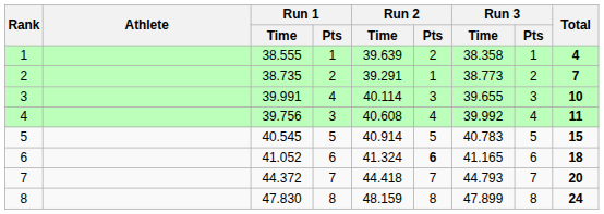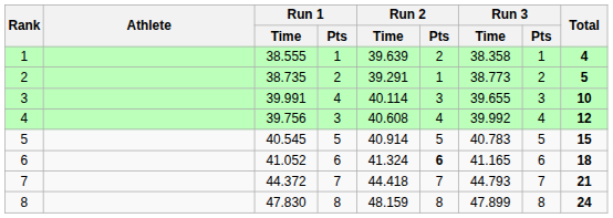 <table class=wikitable style="text-align:center">
 <tr>
 <th rowspan="2" width=40>Rank</th>
 <th rowspan="2" width=250>Athlete</th>
 <th colspan="2">Run 1</th>
 <th colspan="2">Run 2</th>
 <th colspan="2">Run 3</th>
 <th rowspan="2" width=50>Total</th>
 </tr>
 <tr>
 <th width=70>Time</th>
 <th width=40>Pts</th>
 <th width=70>Time</th>
 <th width=40>Pts</th>
 <th width=70>Time</th>
 <th width=40>Pts</th>
 </tr>
 <tr bgcolor=bbffbb>
 <td>1</td>
 <td align=left></td>
 <td>38.555</td>
 <td>1</td>
 <td>39.639</td>
 <td>2</td>
 <td>38.358</td>
 <td>1</td>
 <td><strong>4</strong></td>
 </tr>
 <tr bgcolor=bbffbb>
 <td>2</td>
 <td align=left></td>
 <td>38.735</td>
 <td>2</td>
 <td>39.291</td>
 <td>1</td>
 <td>38.773</td>
 <td>2</td>
-<td><strong>7</strong></td>
+<td><strong>5</strong></td>
 </tr>
 <tr bgcolor=bbffbb>
 <td>3</td>
 <td align=left></td>
 <td>39.991</td>
 <td>4</td>
 <td>40.114</td>
 <td>3</td>
 <td>39.655</td>
 <td>3</td>
 <td><strong>10</strong></td>
 </tr>
 <tr bgcolor=bbffbb>
 <td>4</td>
 <td align=left></td>
 <td>39.756</td>
 <td>3</td>
 <td>40.608</td>
 <td>4</td>
 <td>39.992</td>
 <td>4</td>
-<td><strong>11</strong></td>
+<td><strong>12</strong></td>
 </tr>
 <tr>
 <td>5</td>
 <td align=left></td>
 <td>40.545</td>
 <td>5</td>
 <td>40.914</td>
 <td>5</td>
 <td>40.783</td>
 <td>5</td>
 <td><strong>15</strong></td>
 </tr>
 <tr>
 <td>6</td>
 <td align=left></td>
 <td>41.052</td>
 <td>6</td>
 <td>41.324</td>
 <td><strong>6</strong></td>
 <td>41.165</td>
 <td>6</td>
 <td><strong>18</strong></td>
 </tr>
 <tr>
 <td>7</td>
 <td align=left></td>
 <td>44.372</td>
 <td>7</td>
 <td>44.418</td>
 <td>7</td>
 <td>44.793</td>
 <td>7</td>
-<td><strong>20</strong></td>
+<td><strong>21</strong></td>
 </tr>
 <tr>
 <td>8</td>
 <td align=left></td>
 <td>47.830</td>
 <td>8</td>
 <td>48.159</td>
 <td>8</td>
 <td>47.899</td>
 <td>8</td>
 <td><strong>24</strong></td>
 </tr>
 </table>
